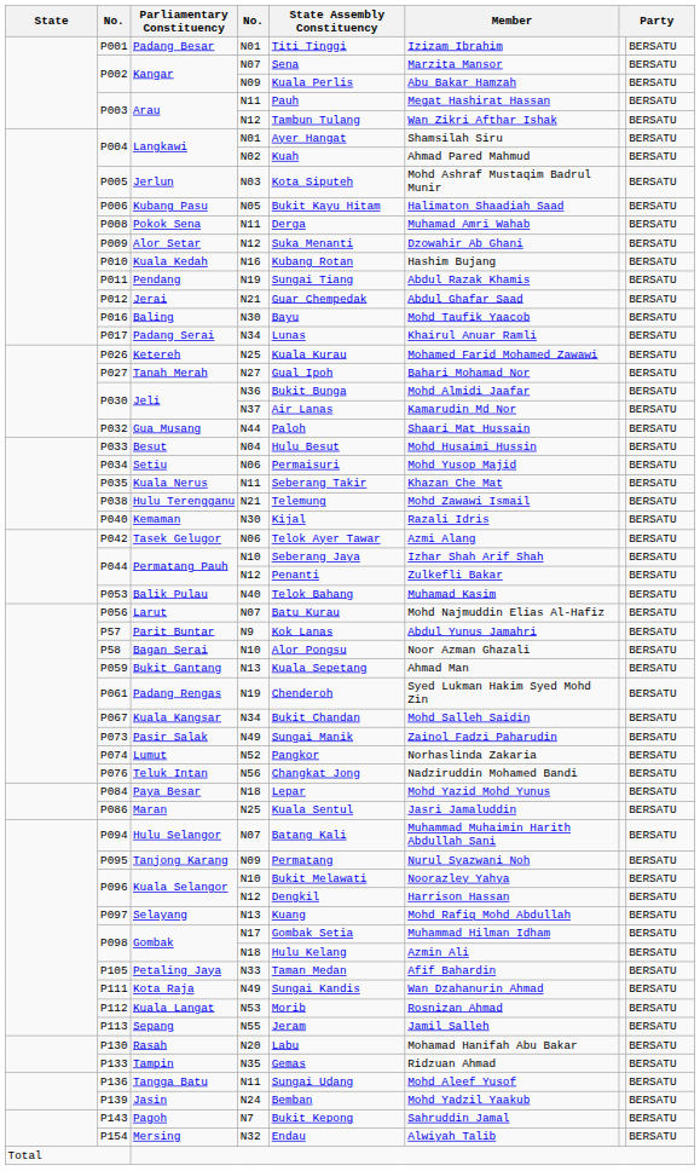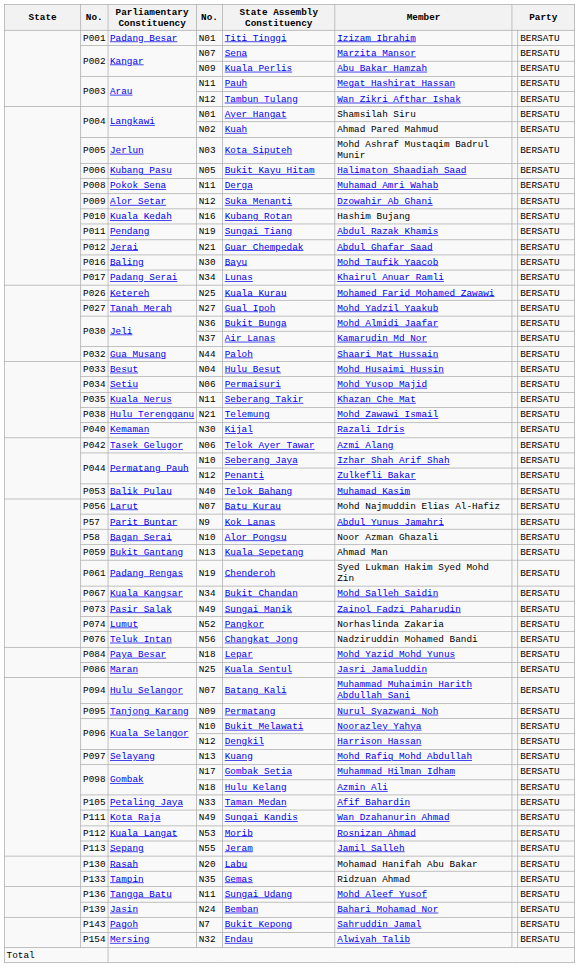 <table class ="wikitable sortable">
 <tr>
 <th style="width:100px;">State</th>
 <th>No.</th>
 <th>Parliamentary<br>Constituency</th>
 <th style="width:30px;">No.</th>
 <th style="width:150px;">State Assembly Constituency</th>
 <th style="width:240px;">Member</th>
 <th style="width:80px;" colspan=2>Party</th>
 </tr>
 <tr>
 <td rowspan="5"></td>
 <td>P001</td>
 <td><a href='#'>Padang Besar</a></td>
 <td>N01</td>
 <td><a href='#'>Titi Tinggi</a></td>
 <td><a href='#'>Izizam Ibrahim</a></td>
 <td style="background:"></td>
 <td>BERSATU</td>
 </tr>
 <tr>
 <td rowspan="2">P002</td>
 <td rowspan="2"><a href='#'>Kangar</a></td>
 <td>N07</td>
 <td><a href='#'>Sena</a></td>
 <td><a href='#'>Marzita Mansor</a></td>
 <td style="background:"></td>
 <td>BERSATU</td>
 </tr>
 <tr>
 <td>N09</td>
 <td><a href='#'>Kuala Perlis</a></td>
 <td><a href='#'>Abu Bakar Hamzah</a></td>
 <td style="background:"></td>
 <td>BERSATU</td>
 </tr>
 <tr>
 <td rowspan="2">P003</td>
 <td rowspan="2"><a href='#'>Arau</a></td>
 <td>N11</td>
 <td><a href='#'>Pauh</a></td>
 <td><a href='#'>Megat Hashirat Hassan</a></td>
 <td style="background:"></td>
 <td>BERSATU</td>
 </tr>
 <tr>
 <td>N12</td>
 <td><a href='#'>Tambun Tulang</a></td>
 <td><a href='#'>Wan Zikri Afthar Ishak</a></td>
 <td style="background:"></td>
 <td>BERSATU</td>
 </tr>
 <tr>
 <td rowspan="11"></td>
 <td rowspan="2">P004</td>
 <td rowspan="2"><a href='#'>Langkawi</a></td>
 <td>N01</td>
 <td><a href='#'>Ayer Hangat</a></td>
 <td>Shamsilah Siru</td>
 <td style="background:"></td>
 <td>BERSATU</td>
 </tr>
 <tr>
 <td>N02</td>
 <td><a href='#'>Kuah</a></td>
 <td>Ahmad Pared Mahmud</td>
 <td style="background:"></td>
 <td>BERSATU</td>
 </tr>
 <tr>
 <td>P005</td>
 <td><a href='#'>Jerlun</a></td>
 <td>N03</td>
 <td><a href='#'>Kota Siputeh</a></td>
 <td>Mohd Ashraf Mustaqim Badrul Munir</td>
 <td style="background:"></td>
 <td>BERSATU</td>
 </tr>
 <tr>
 <td>P006</td>
 <td><a href='#'>Kubang Pasu</a></td>
 <td>N05</td>
 <td><a href='#'>Bukit Kayu Hitam</a></td>
 <td><a href='#'>Halimaton Shaadiah Saad</a></td>
 <td style="background:"></td>
 <td>BERSATU</td>
 </tr>
 <tr>
 <td>P008</td>
 <td><a href='#'>Pokok Sena</a></td>
 <td>N11</td>
 <td><a href='#'>Derga</a></td>
 <td><a href='#'>Muhamad Amri Wahab</a></td>
 <td style="background:"></td>
 <td>BERSATU</td>
 </tr>
 <tr>
 <td>P009</td>
 <td><a href='#'>Alor Setar</a></td>
 <td>N12</td>
 <td><a href='#'>Suka Menanti</a></td>
 <td><a href='#'>Dzowahir Ab Ghani</a></td>
 <td style="background:"></td>
 <td>BERSATU</td>
 </tr>
 <tr>
 <td>P010</td>
 <td><a href='#'>Kuala Kedah</a></td>
 <td>N16</td>
 <td><a href='#'>Kubang Rotan</a></td>
 <td>Hashim Bujang</td>
 <td style="background:"></td>
 <td>BERSATU</td>
 </tr>
 <tr>
 <td>P011</td>
 <td><a href='#'>Pendang</a></td>
 <td>N19</td>
 <td><a href='#'>Sungai Tiang</a></td>
 <td><a href='#'>Abdul Razak Khamis</a></td>
 <td style="background:"></td>
 <td>BERSATU</td>
 </tr>
 <tr>
 <td>P012</td>
 <td><a href='#'>Jerai</a></td>
 <td>N21</td>
 <td><a href='#'>Guar Chempedak</a></td>
 <td><a href='#'>Abdul Ghafar Saad</a></td>
 <td style="background:"></td>
 <td>BERSATU</td>
 </tr>
 <tr>
 <td>P016</td>
 <td><a href='#'>Baling</a></td>
 <td>N30</td>
 <td><a href='#'>Bayu</a></td>
 <td><a href='#'>Mohd Taufik Yaacob</a></td>
 <td style="background:"></td>
 <td>BERSATU</td>
 </tr>
 <tr>
 <td>P017</td>
 <td><a href='#'>Padang Serai</a></td>
 <td>N34</td>
 <td><a href='#'>Lunas</a></td>
 <td><a href='#'>Khairul Anuar Ramli</a></td>
 <td style="background:"></td>
 <td>BERSATU</td>
 </tr>
 <tr>
 <td rowspan="5"></td>
 <td>P026</td>
 <td><a href='#'>Ketereh</a></td>
 <td>N25</td>
 <td><a href='#'>Kuala Kurau</a></td>
 <td><a href='#'>Mohamed Farid Mohamed Zawawi</a></td>
 <td style="background:"></td>
 <td>BERSATU</td>
 </tr>
 <tr>
 <td>P027</td>
 <td><a href='#'>Tanah Merah</a></td>
 <td>N27</td>
 <td><a href='#'>Gual Ipoh</a></td>
-<td><a href='#'>Bahari Mohamad Nor</a></td>
+<td><a href='#'>Mohd Yadzil Yaakub</a></td>
 <td style="background:"></td>
 <td>BERSATU</td>
 </tr>
 <tr>
 <td rowspan="2">P030</td>
 <td rowspan="2"><a href='#'>Jeli</a></td>
 <td>N36</td>
 <td><a href='#'>Bukit Bunga</a></td>
 <td><a href='#'>Mohd Almidi Jaafar</a></td>
 <td style="background:"></td>
 <td>BERSATU</td>
 </tr>
 <tr>
 <td>N37</td>
 <td><a href='#'>Air Lanas</a></td>
 <td><a href='#'>Kamarudin Md Nor</a></td>
 <td style="background:"></td>
 <td>BERSATU</td>
 </tr>
 <tr>
 <td>P032</td>
 <td><a href='#'>Gua Musang</a></td>
 <td>N44</td>
 <td><a href='#'>Paloh</a></td>
 <td><a href='#'>Shaari Mat Hussain</a></td>
 <td style="background:"></td>
 <td>BERSATU</td>
 </tr>
 <tr>
 <td rowspan="5"></td>
 <td>P033</td>
 <td><a href='#'>Besut</a></td>
 <td>N04</td>
 <td><a href='#'>Hulu Besut</a></td>
 <td><a href='#'>Mohd Husaimi Hussin</a></td>
 <td style="background:"></td>
 <td>BERSATU</td>
 </tr>
 <tr>
 <td>P034</td>
 <td><a href='#'>Setiu</a></td>
 <td>N06</td>
 <td><a href='#'>Permaisuri</a></td>
 <td><a href='#'>Mohd Yusop Majid</a></td>
 <td style="background:"></td>
 <td>BERSATU</td>
 </tr>
 <tr>
 <td>P035</td>
 <td><a href='#'>Kuala Nerus</a></td>
 <td>N11</td>
 <td><a href='#'>Seberang Takir</a></td>
 <td><a href='#'>Khazan Che Mat</a></td>
 <td style="background:"></td>
 <td>BERSATU</td>
 </tr>
 <tr>
 <td>P038</td>
 <td><a href='#'>Hulu Terengganu</a></td>
 <td>N21</td>
 <td><a href='#'>Telemung</a></td>
 <td><a href='#'>Mohd Zawawi Ismail</a></td>
 <td style="background:"></td>
 <td>BERSATU</td>
 </tr>
 <tr>
 <td>P040</td>
 <td><a href='#'>Kemaman</a></td>
 <td>N30</td>
 <td><a href='#'>Kijal</a></td>
 <td><a href='#'>Razali Idris</a></td>
 <td style="background:"></td>
 <td>BERSATU</td>
 </tr>
 <tr>
 <td rowspan="4"></td>
 <td>P042</td>
 <td><a href='#'>Tasek Gelugor</a></td>
 <td>N06</td>
 <td><a href='#'>Telok Ayer Tawar</a></td>
 <td><a href='#'>Azmi Alang</a></td>
 <td style="background:"></td>
 <td>BERSATU</td>
 </tr>
 <tr>
 <td rowspan="2">P044</td>
 <td rowspan="2"><a href='#'>Permatang Pauh</a></td>
 <td>N10</td>
 <td><a href='#'>Seberang Jaya</a></td>
 <td><a href='#'>Izhar Shah Arif Shah</a></td>
 <td style="background:"></td>
 <td>BERSATU</td>
 </tr>
 <tr>
 <td>N12</td>
 <td><a href='#'>Penanti</a></td>
 <td><a href='#'>Zulkefli Bakar</a></td>
 <td style="background:"></td>
 <td>BERSATU</td>
 </tr>
 <tr>
 <td>P053</td>
 <td><a href='#'>Balik Pulau</a></td>
 <td>N40</td>
 <td><a href='#'>Telok Bahang</a></td>
 <td><a href='#'>Muhamad Kasim</a></td>
 <td style="background:"></td>
 <td>BERSATU</td>
 </tr>
 <tr>
 <td rowspan="9"></td>
 <td>P056</td>
 <td><a href='#'>Larut</a></td>
 <td>N07</td>
 <td><a href='#'>Batu Kurau</a></td>
 <td>Mohd Najmuddin Elias Al-Hafiz</td>
 <td style="background:"></td>
 <td>BERSATU</td>
 </tr>
 <tr>
 <td>P57</td>
 <td><a href='#'>Parit Buntar</a></td>
 <td>N9</td>
 <td><a href='#'>Kok Lanas</a></td>
 <td><a href='#'>Abdul Yunus Jamahri</a></td>
 <td style="background:"></td>
 <td>BERSATU</td>
 </tr>
 <tr>
 <td>P58</td>
 <td><a href='#'>Bagan Serai</a></td>
 <td>N10</td>
 <td><a href='#'>Alor Pongsu</a></td>
 <td>Noor Azman Ghazali</td>
 <td style="background:"></td>
 <td>BERSATU</td>
 </tr>
 <tr>
 <td>P059</td>
 <td><a href='#'>Bukit Gantang</a></td>
 <td>N13</td>
 <td><a href='#'>Kuala Sepetang</a></td>
 <td>Ahmad Man</td>
 <td style="background:"></td>
 <td>BERSATU</td>
 </tr>
 <tr>
 <td>P061</td>
 <td><a href='#'>Padang Rengas</a></td>
 <td>N19</td>
 <td><a href='#'>Chenderoh</a></td>
 <td>Syed Lukman Hakim Syed Mohd Zin</td>
 <td style="background:"></td>
 <td>BERSATU</td>
 </tr>
 <tr>
 <td>P067</td>
 <td><a href='#'>Kuala Kangsar</a></td>
 <td>N34</td>
 <td><a href='#'>Bukit Chandan</a></td>
 <td><a href='#'>Mohd Salleh Saidin</a></td>
 <td style="background:"></td>
 <td>BERSATU</td>
 </tr>
 <tr>
 <td>P073</td>
 <td><a href='#'>Pasir Salak</a></td>
 <td>N49</td>
 <td><a href='#'>Sungai Manik</a></td>
 <td><a href='#'>Zainol Fadzi Paharudin</a></td>
 <td style="background:"></td>
 <td>BERSATU</td>
 </tr>
 <tr>
 <td>P074</td>
 <td><a href='#'>Lumut</a></td>
 <td>N52</td>
 <td><a href='#'>Pangkor</a></td>
 <td>Norhaslinda Zakaria</td>
 <td style="background:"></td>
 <td>BERSATU</td>
 </tr>
 <tr>
 <td>P076</td>
 <td><a href='#'>Teluk Intan</a></td>
 <td>N56</td>
 <td><a href='#'>Changkat Jong</a></td>
 <td>Nadziruddin Mohamed Bandi</td>
 <td style="background:"></td>
 <td>BERSATU</td>
 </tr>
 <tr>
 <td rowspan="2"></td>
 <td>P084</td>
 <td><a href='#'>Paya Besar</a></td>
 <td>N18</td>
 <td><a href='#'>Lepar</a></td>
 <td><a href='#'>Mohd Yazid Mohd Yunus</a></td>
 <td style="background:"></td>
 <td>BERSATU</td>
 </tr>
 <tr>
 <td>P086</td>
 <td><a href='#'>Maran</a></td>
 <td>N25</td>
 <td><a href='#'>Kuala Sentul</a></td>
 <td><a href='#'>Jasri Jamaluddin</a></td>
 <td style="background:"></td>
 <td>BERSATU</td>
 </tr>
 <tr>
 <td rowspan="11"></td>
 <td>P094</td>
 <td><a href='#'>Hulu Selangor</a></td>
 <td>N07</td>
 <td><a href='#'>Batang Kali</a></td>
 <td><a href='#'>Muhammad Muhaimin Harith Abdullah Sani</a></td>
 <td style="background:"></td>
 <td>BERSATU</td>
 </tr>
 <tr>
 <td>P095</td>
 <td><a href='#'>Tanjong Karang</a></td>
 <td>N09</td>
 <td><a href='#'>Permatang</a></td>
 <td><a href='#'>Nurul Syazwani Noh</a></td>
 <td style="background:"></td>
 <td>BERSATU</td>
 </tr>
 <tr>
 <td rowspan="2">P096</td>
 <td rowspan="2"><a href='#'>Kuala Selangor</a></td>
 <td>N10</td>
 <td><a href='#'>Bukit Melawati</a></td>
 <td><a href='#'>Noorazley Yahya</a></td>
 <td style="background:"></td>
 <td>BERSATU</td>
 </tr>
 <tr>
 <td>N12</td>
 <td><a href='#'>Dengkil</a></td>
 <td><a href='#'>Harrison Hassan</a></td>
 <td style="background:"></td>
 <td>BERSATU</td>
 </tr>
 <tr>
 <td>P097</td>
 <td><a href='#'>Selayang</a></td>
 <td>N13</td>
 <td><a href='#'>Kuang</a></td>
 <td><a href='#'>Mohd Rafiq Mohd Abdullah</a></td>
 <td style="background:"></td>
 <td>BERSATU</td>
 </tr>
 <tr>
 <td rowspan="2">P098</td>
 <td rowspan="2"><a href='#'>Gombak</a></td>
 <td>N17</td>
 <td><a href='#'>Gombak Setia</a></td>
 <td><a href='#'>Muhammad Hilman Idham</a></td>
 <td style="background:"></td>
 <td>BERSATU</td>
 </tr>
 <tr>
 <td>N18</td>
 <td><a href='#'>Hulu Kelang</a></td>
 <td><a href='#'>Azmin Ali</a></td>
 <td style="background:"></td>
 <td>BERSATU</td>
 </tr>
 <tr>
 <td>P105</td>
 <td><a href='#'>Petaling Jaya</a></td>
 <td>N33</td>
 <td><a href='#'>Taman Medan</a></td>
 <td><a href='#'>Afif Bahardin</a></td>
 <td style="background:"></td>
 <td>BERSATU</td>
 </tr>
 <tr>
 <td>P111</td>
 <td><a href='#'>Kota Raja</a></td>
 <td>N49</td>
 <td><a href='#'>Sungai Kandis</a></td>
 <td><a href='#'>Wan Dzahanurin Ahmad</a></td>
 <td style="background:"></td>
 <td>BERSATU</td>
 </tr>
 <tr>
 <td>P112</td>
 <td><a href='#'>Kuala Langat</a></td>
 <td>N53</td>
 <td><a href='#'>Morib</a></td>
 <td><a href='#'>Rosnizan Ahmad</a></td>
 <td style="background:"></td>
 <td>BERSATU</td>
 </tr>
 <tr>
 <td>P113</td>
 <td><a href='#'>Sepang</a></td>
 <td>N55</td>
 <td><a href='#'>Jeram</a></td>
 <td><a href='#'>Jamil Salleh</a></td>
 <td style="background:"></td>
 <td>BERSATU</td>
 </tr>
 <tr>
 <td rowspan=2></td>
 <td>P130</td>
 <td><a href='#'>Rasah</a></td>
 <td>N20</td>
 <td><a href='#'>Labu</a></td>
 <td>Mohamad Hanifah Abu Bakar</td>
 <td style="background:"></td>
 <td>BERSATU</td>
 </tr>
 <tr>
 <td>P133</td>
 <td><a href='#'>Tampin</a></td>
 <td>N35</td>
 <td><a href='#'>Gemas</a></td>
 <td>Ridzuan Ahmad</td>
 <td style="background:"></td>
 <td>BERSATU</td>
 </tr>
 <tr>
 <td rowspan="2"></td>
 <td>P136</td>
 <td><a href='#'>Tangga Batu</a></td>
 <td>N11</td>
 <td><a href='#'>Sungai Udang</a></td>
 <td><a href='#'>Mohd Aleef Yusof</a></td>
 <td style="background:"></td>
 <td>BERSATU</td>
 </tr>
 <tr>
 <td>P139</td>
 <td><a href='#'>Jasin</a></td>
 <td>N24</td>
 <td><a href='#'>Bemban</a></td>
-<td><a href='#'>Mohd Yadzil Yaakub</a></td>
+<td><a href='#'>Bahari Mohamad Nor</a></td>
 <td style="background:"></td>
 <td>BERSATU</td>
 </tr>
 <tr>
 <td rowspan="2"></td>
 <td>P143</td>
 <td><a href='#'>Pagoh</a></td>
 <td>N7</td>
 <td><a href='#'>Bukit Kepong</a></td>
 <td><a href='#'>Sahruddin Jamal</a></td>
 <td style="background:"></td>
 <td>BERSATU</td>
 </tr>
 <tr>
 <td>P154</td>
 <td><a href='#'>Mersing</a></td>
 <td>N32</td>
 <td><a href='#'>Endau</a></td>
 <td><a href='#'>Alwiyah Talib</a></td>
 <td style="background:"></td>
 <td>BERSATU</td>
 </tr>
 <tr>
 <td colspan="2">Total</td>
 <td colspan="6"></td>
 </tr>
 </table>
